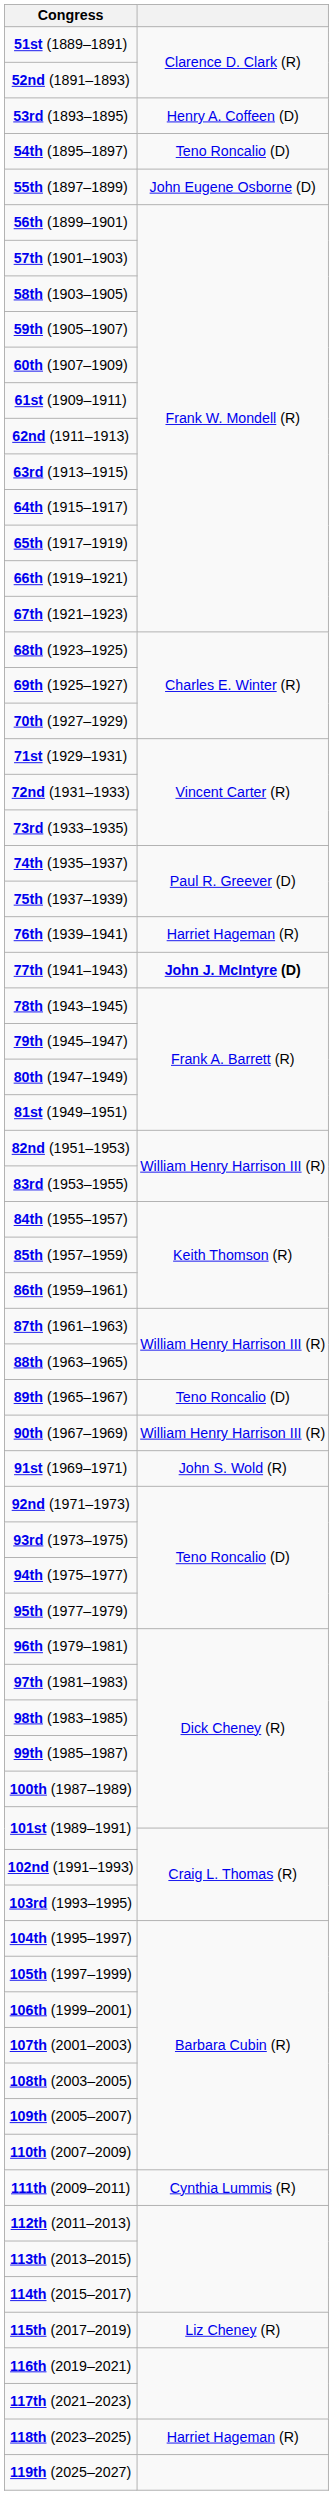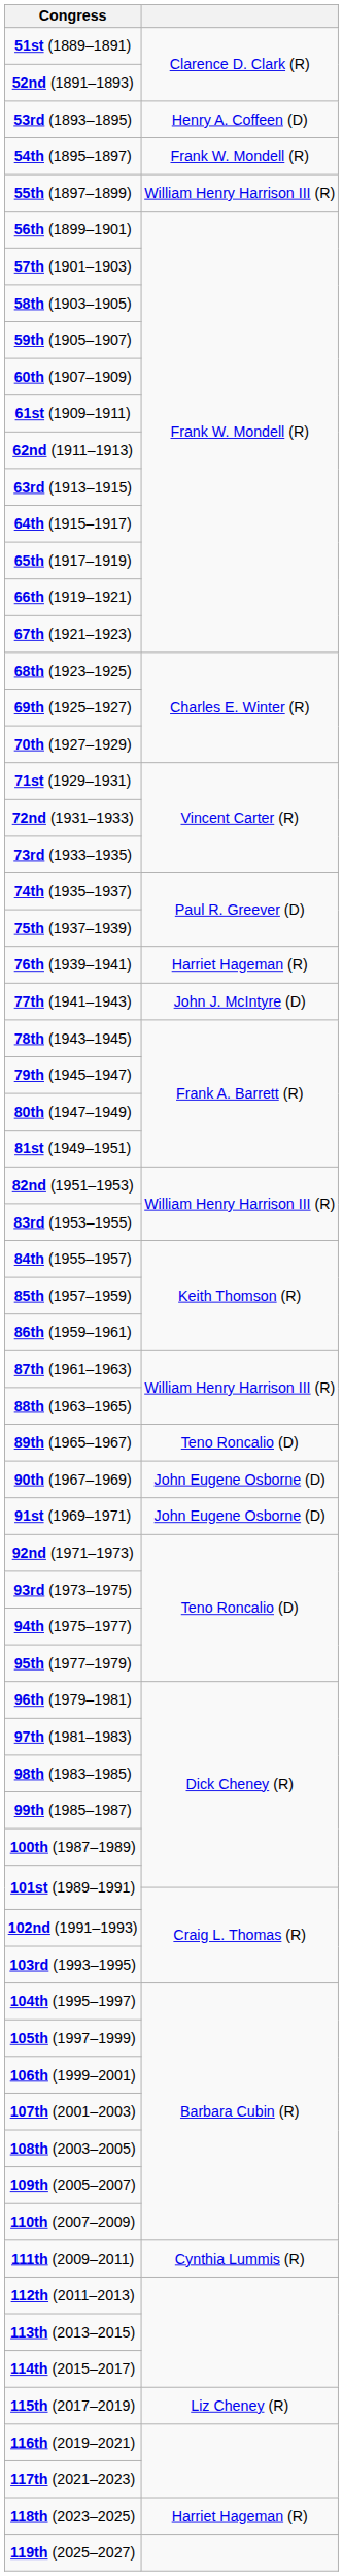 <table class="wikitable sticky-header" style="text-align:center">
 <tr>
 <th>Congress</th>
 <th></th>
 </tr>
 <tr style="height:2.5em">
 <td><strong><a href='#'>51st</a></strong> (1889–1891)</td>
 <td rowspan=2 ><a href='#'>Clarence D. Clark</a> (R)</td>
 </tr>
 <tr style="height:2.5em">
 <td><strong><a href='#'>52nd</a></strong> (1891–1893)</td>
 </tr>
 <tr style="height:2.5em">
 <td><strong><a href='#'>53rd</a></strong> (1893–1895)</td>
 <td><a href='#'>Henry A. Coffeen</a> (D)</td>
 </tr>
 <tr style="height:2.5em">
 <td><strong><a href='#'>54th</a></strong> (1895–1897)</td>
-<td><a href='#'>Teno Roncalio</a> (D)</td>
+<td><a href='#'>Frank W. Mondell</a> (R)</td>
 </tr>
 <tr style="height:2.5em">
 <td><strong><a href='#'>55th</a></strong> (1897–1899)</td>
-<td><a href='#'>John Eugene Osborne</a> (D)</td>
+<td><a href='#'>William Henry Harrison III</a> (R)</td>
 </tr>
 <tr style="height:2.5em">
 <td><strong><a href='#'>56th</a></strong> (1899–1901)</td>
 <td rowspan=12 ><a href='#'>Frank W. Mondell</a> (R)</td>
 </tr>
 <tr style="height:2.5em">
 <td><strong><a href='#'>57th</a></strong> (1901–1903)</td>
 </tr>
 <tr style="height:2.5em">
 <td><strong><a href='#'>58th</a></strong> (1903–1905)</td>
 </tr>
 <tr style="height:2.5em">
 <td><strong><a href='#'>59th</a></strong> (1905–1907)</td>
 </tr>
 <tr style="height:2.5em">
 <td><strong><a href='#'>60th</a></strong> (1907–1909)</td>
 </tr>
 <tr style="height:2.5em">
 <td><strong><a href='#'>61st</a></strong> (1909–1911)</td>
 </tr>
 <tr style="height:2.5em">
 <td><strong><a href='#'>62nd</a></strong> (1911–1913)</td>
 </tr>
 <tr style="height:2.5em">
 <td><strong><a href='#'>63rd</a></strong> (1913–1915)</td>
 </tr>
 <tr style="height:2.5em">
 <td><strong><a href='#'>64th</a></strong> (1915–1917)</td>
 </tr>
 <tr style="height:2.5em">
 <td><strong><a href='#'>65th</a></strong> (1917–1919)</td>
 </tr>
 <tr style="height:2.5em">
 <td><strong><a href='#'>66th</a></strong> (1919–1921)</td>
 </tr>
 <tr style="height:2.5em">
 <td><strong><a href='#'>67th</a></strong> (1921–1923)</td>
 </tr>
 <tr style="height:2.5em">
 <td><strong><a href='#'>68th</a></strong> (1923–1925)</td>
 <td rowspan=3 ><a href='#'>Charles E. Winter</a> (R)</td>
 </tr>
 <tr style="height:2.5em">
 <td><strong><a href='#'>69th</a></strong> (1925–1927)</td>
 </tr>
 <tr style="height:2.5em">
 <td><strong><a href='#'>70th</a></strong> (1927–1929)</td>
 </tr>
 <tr style="height:2.5em">
 <td><strong><a href='#'>71st</a></strong> (1929–1931)</td>
 <td rowspan=3 ><a href='#'>Vincent Carter</a> (R)</td>
 </tr>
 <tr style="height:2.5em">
 <td><strong><a href='#'>72nd</a></strong> (1931–1933)</td>
 </tr>
 <tr style="height:2.5em">
 <td><strong><a href='#'>73rd</a></strong> (1933–1935)</td>
 </tr>
 <tr style="height:2.5em">
 <td><strong><a href='#'>74th</a></strong> (1935–1937)</td>
 <td rowspan=2 ><a href='#'>Paul R. Greever</a> (D)</td>
 </tr>
 <tr style="height:2.5em">
 <td><strong><a href='#'>75th</a></strong> (1937–1939)</td>
 </tr>
 <tr style="height:2.5em">
 <td><strong><a href='#'>76th</a></strong> (1939–1941)</td>
 <td><a href='#'>Harriet Hageman</a> (R)</td>
 </tr>
 <tr style="height:2.5em">
 <td><strong><a href='#'>77th</a></strong> (1941–1943)</td>
-<td><strong><a href='#'>John J. McIntyre</a> (D)</strong></td>
+<td><a href='#'>John J. McIntyre</a> (D)</td>
 </tr>
 <tr style="height:2.5em">
 <td><strong><a href='#'>78th</a></strong> (1943–1945)</td>
 <td rowspan=4 ><a href='#'>Frank A. Barrett</a> (R)</td>
 </tr>
 <tr style="height:2.5em">
 <td><strong><a href='#'>79th</a></strong> (1945–1947)</td>
 </tr>
 <tr style="height:2.5em">
 <td><strong><a href='#'>80th</a></strong> (1947–1949)</td>
 </tr>
 <tr style="height:2.5em">
 <td><strong><a href='#'>81st</a></strong> (1949–1951)</td>
 </tr>
 <tr style="height:2.5em">
 <td><strong><a href='#'>82nd</a></strong> (1951–1953)</td>
 <td rowspan=2 ><a href='#'>William Henry Harrison III</a> (R)</td>
 </tr>
 <tr style="height:2.5em">
 <td><strong><a href='#'>83rd</a></strong> (1953–1955)</td>
 </tr>
 <tr style="height:2.5em">
 <td><strong><a href='#'>84th</a></strong> (1955–1957)</td>
 <td rowspan=3 ><a href='#'>Keith Thomson</a> (R)</td>
 </tr>
 <tr style="height:2.5em">
 <td><strong><a href='#'>85th</a></strong> (1957–1959)</td>
 </tr>
 <tr style="height:2.5em">
 <td><strong><a href='#'>86th</a></strong> (1959–1961)</td>
 </tr>
 <tr style="height:2.5em">
 <td><strong><a href='#'>87th</a></strong> (1961–1963)</td>
 <td rowspan=2 ><a href='#'>William Henry Harrison III</a> (R)</td>
 </tr>
 <tr style="height:2.5em">
 <td><strong><a href='#'>88th</a></strong> (1963–1965)</td>
 </tr>
 <tr style="height:2.5em">
 <td><strong><a href='#'>89th</a></strong> (1965–1967)</td>
 <td><a href='#'>Teno Roncalio</a> (D)</td>
 </tr>
 <tr style="height:2.5em">
 <td><strong><a href='#'>90th</a></strong> (1967–1969)</td>
-<td><a href='#'>William Henry Harrison III</a> (R)</td>
+<td><a href='#'>John Eugene Osborne</a> (D)</td>
 </tr>
 <tr style="height:2.5em">
 <td><strong><a href='#'>91st</a></strong> (1969–1971)</td>
-<td><a href='#'>John S. Wold</a> (R)</td>
+<td><a href='#'>John Eugene Osborne</a> (D)</td>
 </tr>
 <tr style="height:2.5em">
 <td><strong><a href='#'>92nd</a></strong> (1971–1973)</td>
 <td rowspan=4 ><a href='#'>Teno Roncalio</a> (D)</td>
 </tr>
 <tr style="height:2.5em">
 <td><strong><a href='#'>93rd</a></strong> (1973–1975)</td>
 </tr>
 <tr style="height:2.5em">
 <td><strong><a href='#'>94th</a></strong> (1975–1977)</td>
 </tr>
 <tr style="height:2.5em">
 <td><strong><a href='#'>95th</a></strong> (1977–1979)</td>
 </tr>
 <tr style="height:2.5em">
 <td><strong><a href='#'>96th</a></strong> (1979–1981)</td>
 <td rowspan=6 ><a href='#'>Dick Cheney</a> (R)</td>
 </tr>
 <tr style="height:2.5em">
 <td><strong><a href='#'>97th</a></strong> (1981–1983)</td>
 </tr>
 <tr style="height:2.5em">
 <td><strong><a href='#'>98th</a></strong> (1983–1985)</td>
 </tr>
 <tr style="height:2.5em">
 <td><strong><a href='#'>99th</a></strong> (1985–1987)</td>
 </tr>
 <tr style="height:2.5em">
 <td><strong><a href='#'>100th</a></strong> (1987–1989)</td>
 </tr>
 <tr style="height:1.5em">
 <td rowspan=2><strong><a href='#'>101st</a></strong> (1989–1991)</td>
 </tr>
 <tr style="height:1.5em">
 <td rowspan=3 ><a href='#'>Craig L. Thomas</a> (R)</td>
 </tr>
 <tr style="height:2.5em">
 <td><strong><a href='#'>102nd</a></strong> (1991–1993)</td>
 </tr>
 <tr style="height:2.5em">
 <td><strong><a href='#'>103rd</a></strong> (1993–1995)</td>
 </tr>
 <tr style="height:2.5em">
 <td><strong><a href='#'>104th</a></strong> (1995–1997)</td>
 <td rowspan=7 ><a href='#'>Barbara Cubin</a> (R)</td>
 </tr>
 <tr style="height:2.5em">
 <td><strong><a href='#'>105th</a></strong> (1997–1999)</td>
 </tr>
 <tr style="height:2.5em">
 <td><strong><a href='#'>106th</a></strong> (1999–2001)</td>
 </tr>
 <tr style="height:2.5em">
 <td><strong><a href='#'>107th</a></strong> (2001–2003)</td>
 </tr>
 <tr style="height:2.5em">
 <td><strong><a href='#'>108th</a></strong> (2003–2005)</td>
 </tr>
 <tr style="height:2.5em">
 <td><strong><a href='#'>109th</a></strong> (2005–2007)</td>
 </tr>
 <tr style="height:2.5em">
 <td><strong><a href='#'>110th</a></strong> (2007–2009)</td>
 </tr>
 <tr style="height:2.5em">
 <td><strong><a href='#'>111th</a></strong> (2009–2011)</td>
 <td><a href='#'>Cynthia Lummis</a> (R)</td>
 </tr>
 <tr style="height:2.5em">
 <td><strong><a href='#'>112th</a></strong> (2011–2013)</td>
 </tr>
 <tr style="height:2.5em">
 <td><strong><a href='#'>113th</a></strong> (2013–2015)</td>
 </tr>
 <tr style="height:2.5em">
 <td><strong><a href='#'>114th</a></strong> (2015–2017)</td>
 </tr>
 <tr style="height:2.5em">
 <td><strong><a href='#'>115th</a></strong> (2017–2019)</td>
 <td><a href='#'>Liz Cheney</a> (R)</td>
 </tr>
 <tr style="height:2.5em">
 <td><strong><a href='#'>116th</a></strong> (2019–2021)</td>
 </tr>
 <tr style="height:2.5em">
 <td><strong><a href='#'>117th</a></strong> (2021–2023)</td>
 </tr>
 <tr style="height:2.5em">
 <td><strong><a href='#'>118th</a></strong> (2023–2025)</td>
 <td><a href='#'>Harriet Hageman</a> (R)</td>
 </tr>
 <tr style="height:2.5em">
 <td><strong><a href='#'>119th</a></strong> (2025–2027)</td>
 </tr>
 </table>
